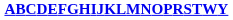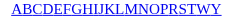 <table id="toc" class="toc" summary="Class" align="center" style="text-align:center;">
 <tr>
 <th></th>
 </tr>
 <tr>
-<td><strong><a href='#'>A</a><a href='#'>B</a><a href='#'>C</a><a href='#'>D</a><a href='#'>E</a><a href='#'>F</a><a href='#'>G</a><a href='#'>H</a><a href='#'>I</a><a href='#'>J</a><a href='#'>K</a><a href='#'>L</a><a href='#'>M</a><a href='#'>N</a><a href='#'>O</a><a href='#'>P</a><a href='#'>R</a><a href='#'>S</a><a href='#'>T</a><a href='#'>W</a><a href='#'>Y</a></strong></td>
+<td><a href='#'>A</a><a href='#'>B</a><a href='#'>C</a><a href='#'>D</a><a href='#'>E</a><a href='#'>F</a><a href='#'>G</a><a href='#'>H</a><a href='#'>I</a><a href='#'>J</a><a href='#'>K</a><a href='#'>L</a><a href='#'>M</a><a href='#'>N</a><a href='#'>O</a><a href='#'>P</a><a href='#'>R</a><a href='#'>S</a><a href='#'>T</a><a href='#'>W</a><a href='#'>Y</a></td>
 </tr>
 </table>
